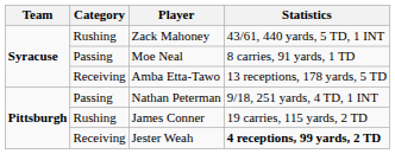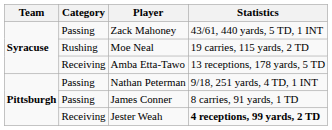 <table class="wikitable">
 <tr>
 <th>Team</th>
 <th>Category</th>
 <th>Player</th>
 <th>Statistics</th>
 </tr>
 <tr>
 <td rowspan=3><strong>Syracuse</strong></td>
-<td>Rushing</td>
+<td>Passing</td>
 <td>Zack Mahoney</td>
 <td>43/61, 440 yards, 5 TD, 1 INT</td>
 </tr>
 <tr>
-<td>Passing</td>
+<td>Rushing</td>
 <td>Moe Neal</td>
-<td>8 carries, 91 yards, 1 TD</td>
+<td>19 carries, 115 yards, 2 TD</td>
 </tr>
 <tr>
 <td>Receiving</td>
 <td>Amba Etta-Tawo</td>
 <td>13 receptions, 178 yards, 5 TD</td>
 </tr>
 <tr>
 <td rowspan=3><strong>Pittsburgh</strong></td>
 <td>Passing</td>
 <td>Nathan Peterman</td>
 <td>9/18, 251 yards, 4 TD, 1 INT</td>
 </tr>
 <tr>
-<td>Rushing</td>
+<td>Passing</td>
 <td>James Conner</td>
-<td>19 carries, 115 yards, 2 TD</td>
+<td>8 carries, 91 yards, 1 TD</td>
 </tr>
 <tr>
 <td>Receiving</td>
 <td>Jester Weah</td>
 <td><strong>4 receptions, 99 yards, 2 TD</strong></td>
 </tr>
 </table>
